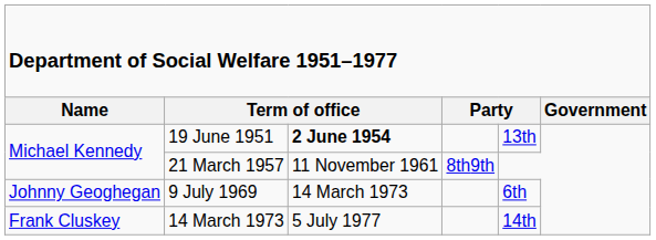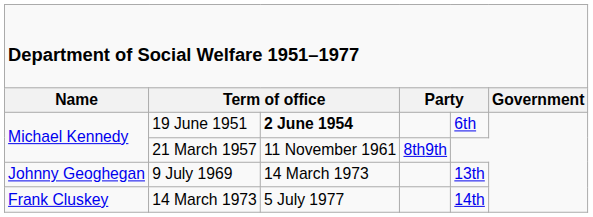 <table class="wikitable">
 <tr>
 <td colspan=6><br><h3>Department of Social Welfare 1951–1977</h3></td>
 </tr>
 <tr>
 <th>Name</th>
 <th colspan=2>Term of office</th>
 <th colspan=2>Party</th>
 <th>Government</th>
 </tr>
 <tr>
 <td rowspan=2><a href='#'>Michael Kennedy</a></td>
 <td>19 June 1951</td>
 <td><strong>2 June 1954</strong></td>
 <td></td>
-<td><a href='#'>13th</a></td>
+<td><a href='#'>6th</a></td>
 </tr>
 <tr>
 <td>21 March 1957</td>
 <td>11 November 1961</td>
 <td><a href='#'>8th</a><a href='#'>9th</a></td>
 </tr>
 <tr>
 <td><a href='#'>Johnny Geoghegan</a></td>
 <td>9 July 1969</td>
 <td>14 March 1973</td>
 <td></td>
-<td><a href='#'>6th</a></td>
+<td><a href='#'>13th</a></td>
 </tr>
 <tr>
 <td><a href='#'>Frank Cluskey</a></td>
 <td>14 March 1973</td>
 <td>5 July 1977</td>
 <td></td>
 <td><a href='#'>14th</a></td>
 </tr>
 </table>
